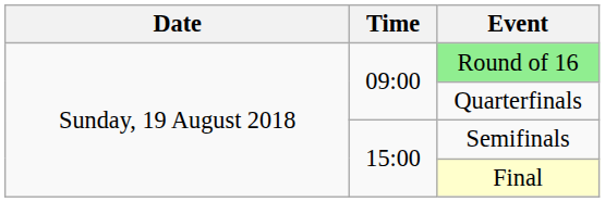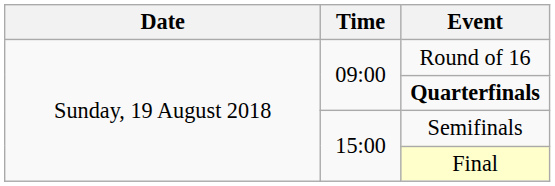 <table class = "wikitable" style="text-align:center;">
 <tr>
 <th width=220>Date</th>
 <th width=50>Time</th>
 <th width=100>Event</th>
 </tr>
 <tr>
 <td rowspan=4>Sunday, 19 August 2018</td>
 <td rowspan=2>09:00</td>
-<td style="background: lightgreen;">Round of 16</td>
+<td>Round of 16</td>
 </tr>
 <tr>
-<td>Quarterfinals</td>
+<td><strong>Quarterfinals</strong></td>
 </tr>
 <tr>
 <td rowspan=2>15:00</td>
 <td>Semifinals</td>
 </tr>
 <tr>
 <td bgcolor=ffffcc>Final</td>
 </tr>
 </table>
